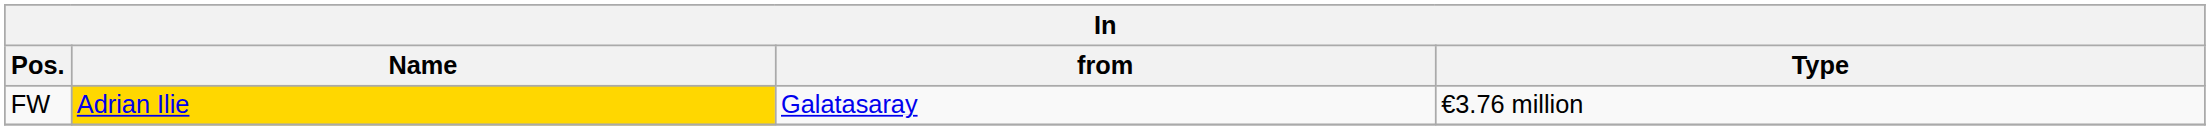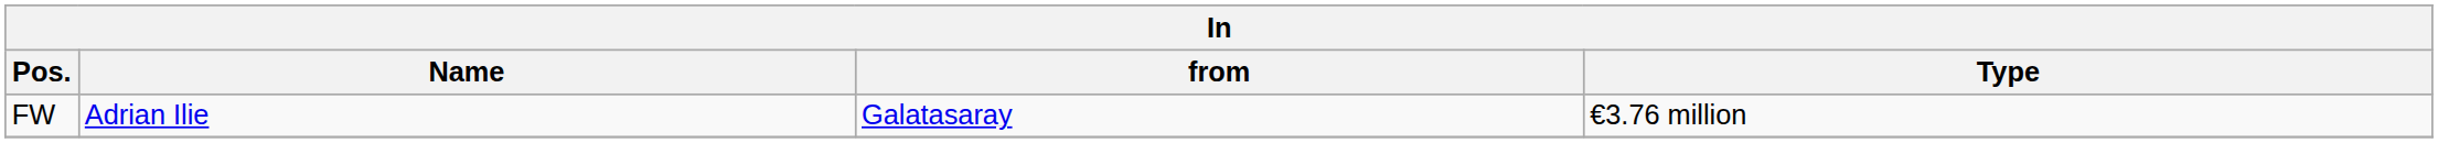 <table class="wikitable" style="font-size:90%;width:99%;">
 <tr>
 <th colspan="4">In</th>
 </tr>
 <tr>
 <th width=3%>Pos.</th>
 <th width=32%>Name</th>
 <th width=30%>from</th>
 <th width=35%>Type</th>
 </tr>
 <tr>
 <td>FW</td>
-<td style="background: gold;"><a href='#'>Adrian Ilie</a></td>
+<td><a href='#'>Adrian Ilie</a></td>
 <td><a href='#'>Galatasaray</a></td>
 <td>€3.76 million</td>
 </tr>
 <tr>
 </tr>
 </table>
